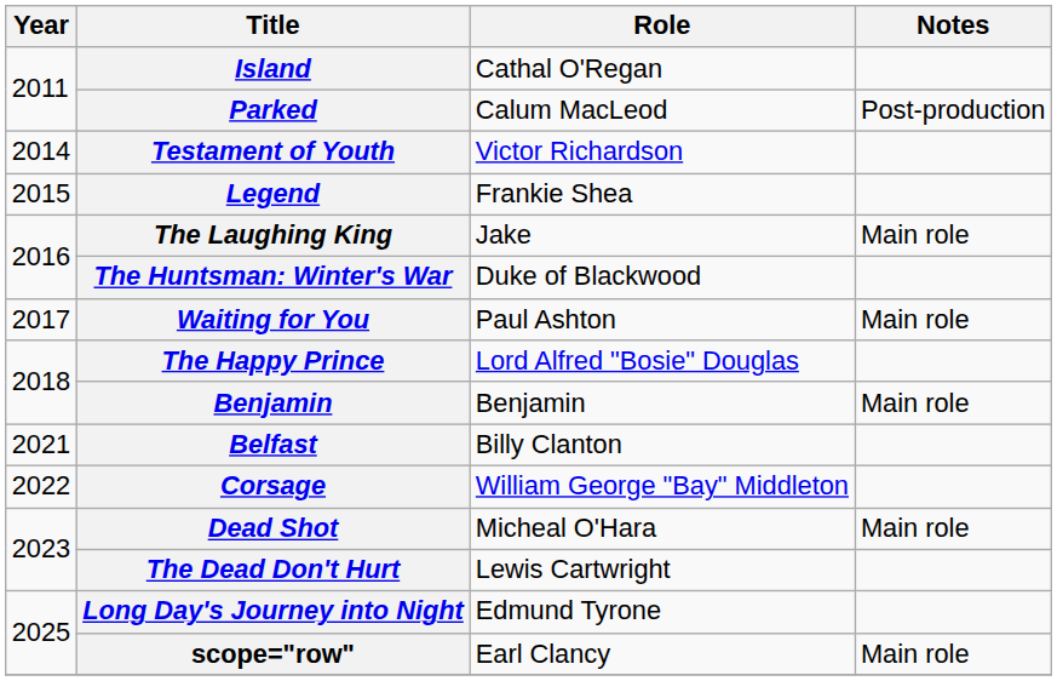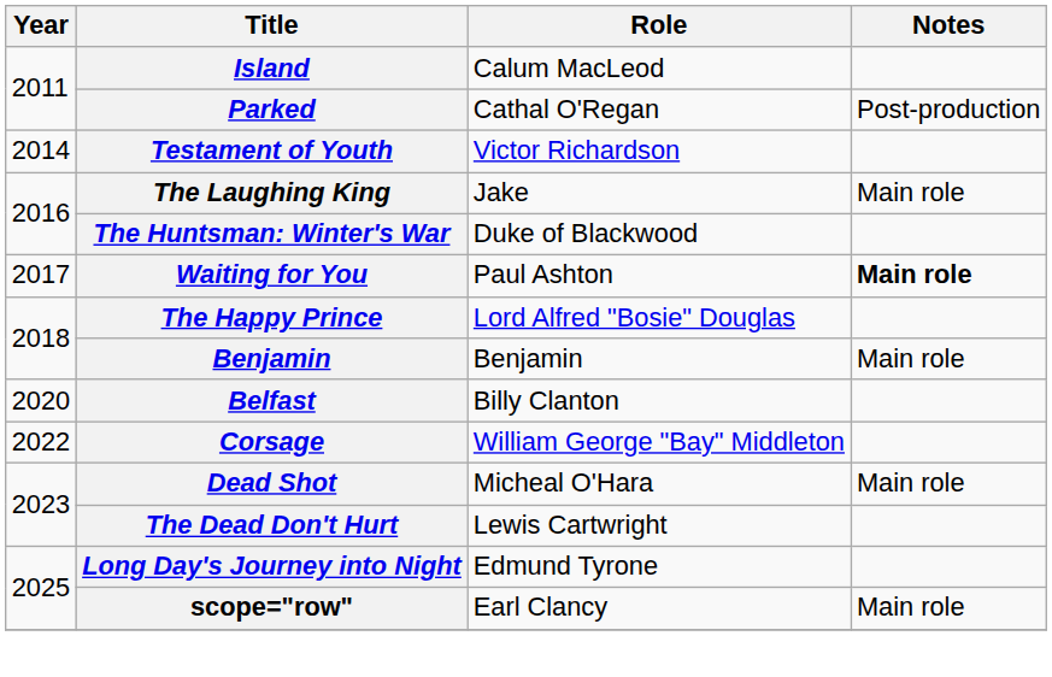 <table class="wikitable plainrowheaders sortable">
 <tr>
 <th scope="col">Year</th>
 <th scope="col">Title</th>
 <th scope="col">Role</th>
 <th scope="col" class="unsortable">Notes</th>
 </tr>
 <tr>
 <td rowspan="2">2011</td>
 <th scope="row"><em><a href='#'>Island</a></em></th>
-<td>Cathal O'Regan</td>
+<td>Calum MacLeod</td>
 <td></td>
 </tr>
 <tr>
 <th scope="row"><em><a href='#'>Parked</a></em></th>
-<td>Calum MacLeod</td>
+<td>Cathal O'Regan</td>
 <td>Post-production</td>
 </tr>
 <tr>
 <td>2014</td>
 <th scope="row"><em><a href='#'>Testament of Youth</a></em></th>
 <td><a href='#'>Victor Richardson</a></td>
-<td></td>
-</tr>
-<tr>
-<td>2015</td>
-<th scope="row"><em><a href='#'>Legend</a></em></th>
-<td>Frankie Shea</td>
 <td></td>
 </tr>
 <tr>
 <td rowspan="2">2016</td>
 <th scope="row" data-sort-value="Laughing King, The"><em>The Laughing King</em></th>
 <td>Jake</td>
 <td>Main role</td>
 </tr>
 <tr>
 <th scope="row" data-sort-value="Huntsman: Winter's War, The"><em><a href='#'>The Huntsman: Winter's War</a></em></th>
 <td>Duke of Blackwood</td>
 <td></td>
 </tr>
 <tr>
 <td>2017</td>
 <th scope="row"><em><a href='#'>Waiting for You</a></em></th>
 <td>Paul Ashton</td>
-<td>Main role</td>
+<td><strong>Main role</strong></td>
 </tr>
 <tr>
 <td rowspan="2">2018</td>
 <th scope="row" data-sort-value="Happy Prince, The"><em><a href='#'>The Happy Prince</a></em></th>
 <td><a href='#'>Lord Alfred "Bosie" Douglas</a></td>
 <td></td>
 </tr>
 <tr>
 <th scope="row"><em><a href='#'>Benjamin</a></em></th>
 <td>Benjamin</td>
 <td>Main role</td>
 </tr>
 <tr>
-<td>2021</td>
+<td>2020</td>
 <th scope="row"><em><a href='#'>Belfast</a></em></th>
 <td>Billy Clanton</td>
 <td></td>
 </tr>
 <tr>
 <td>2022</td>
 <th scope="row"><em><a href='#'>Corsage</a></em></th>
 <td><a href='#'>William George "Bay" Middleton</a></td>
 <td></td>
 </tr>
 <tr>
 <td rowspan="2">2023</td>
 <th scope="row"><em><a href='#'>Dead Shot</a></em></th>
 <td>Micheal O'Hara</td>
 <td>Main role</td>
 </tr>
 <tr>
 <th scope="row" data-sort-value="Dead Don't Hurt, The"><em><a href='#'>The Dead Don't Hurt</a></em></th>
 <td>Lewis Cartwright</td>
 <td></td>
 </tr>
 <tr>
 <td rowspan="2">2025</td>
 <th scope="row"><em><a href='#'>Long Day's Journey into Night</a></em></th>
 <td>Edmund Tyrone</td>
 <td></td>
 </tr>
 <tr>
 <th>scope="row" </th>
 <td>Earl Clancy</td>
 <td>Main role</td>
 </tr>
 <tr>
 </tr>
 </table>
